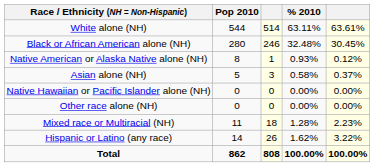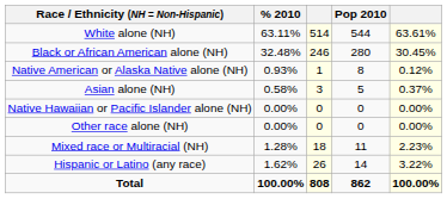 <table class="wikitable" style="text-align:center;">
 <tr>
 <th>Race / Ethnicity <small>(<em>NH = Non-Hispanic</em>)</small></th>
+<th>% 2010</th>
+<th></th>
 <th>Pop 2010</th>
-<th></th>
-<th>% 2010</th>
 <th></th>
 </tr>
 <tr>
 <td><a href='#'>White</a> alone (NH)</td>
+<td>63.11%</td>
+<td style='background: #ffffe6;'>514</td>
 <td>544</td>
-<td style='background: #ffffe6;'>514</td>
-<td>63.11%</td>
 <td style='background: #ffffe6;'>63.61%</td>
 </tr>
 <tr>
 <td><a href='#'>Black or African American</a> alone (NH)</td>
+<td>32.48%</td>
+<td style='background: #ffffe6;'>246</td>
 <td>280</td>
-<td style='background: #ffffe6;'>246</td>
-<td>32.48%</td>
 <td style='background: #ffffe6;'>30.45%</td>
 </tr>
 <tr>
 <td><a href='#'>Native American</a> or <a href='#'>Alaska Native</a> alone (NH)</td>
+<td>0.93%</td>
+<td style='background: #ffffe6;'>1</td>
 <td>8</td>
-<td style='background: #ffffe6;'>1</td>
-<td>0.93%</td>
 <td style='background: #ffffe6;'>0.12%</td>
 </tr>
 <tr>
 <td><a href='#'>Asian</a> alone (NH)</td>
+<td>0.58%</td>
+<td style='background: #ffffe6;'>3</td>
 <td>5</td>
-<td style='background: #ffffe6;'>3</td>
-<td>0.58%</td>
 <td style='background: #ffffe6;'>0.37%</td>
 </tr>
 <tr>
 <td><a href='#'>Native Hawaiian</a> or <a href='#'>Pacific Islander</a> alone (NH)</td>
+<td>0.00%</td>
+<td style='background: #ffffe6;'>0</td>
 <td>0</td>
-<td style='background: #ffffe6;'>0</td>
-<td>0.00%</td>
 <td style='background: #ffffe6;'>0.00%</td>
 </tr>
 <tr>
 <td><a href='#'>Other race</a> alone (NH)</td>
+<td>0.00%</td>
+<td style='background: #ffffe6;'>0</td>
 <td>0</td>
-<td style='background: #ffffe6;'>0</td>
-<td>0.00%</td>
 <td style='background: #ffffe6;'>0.00%</td>
 </tr>
 <tr>
 <td><a href='#'>Mixed race or Multiracial</a> (NH)</td>
+<td>1.28%</td>
+<td style='background: #ffffe6;'>18</td>
 <td>11</td>
-<td style='background: #ffffe6;'>18</td>
-<td>1.28%</td>
 <td style='background: #ffffe6;'>2.23%</td>
 </tr>
 <tr>
 <td><a href='#'>Hispanic or Latino</a> (any race)</td>
+<td>1.62%</td>
+<td style='background: #ffffe6;'>26</td>
 <td>14</td>
-<td style='background: #ffffe6;'>26</td>
-<td>1.62%</td>
 <td style='background: #ffffe6;'>3.22%</td>
 </tr>
 <tr>
 <td><strong>Total</strong></td>
+<td><strong>100.00%</strong></td>
+<td style='background: #ffffe6;'><strong>808</strong></td>
 <td><strong>862</strong></td>
-<td style='background: #ffffe6;'><strong>808</strong></td>
-<td><strong>100.00%</strong></td>
 <td style='background: #ffffe6;'><strong>100.00%</strong></td>
 </tr>
 </table>
